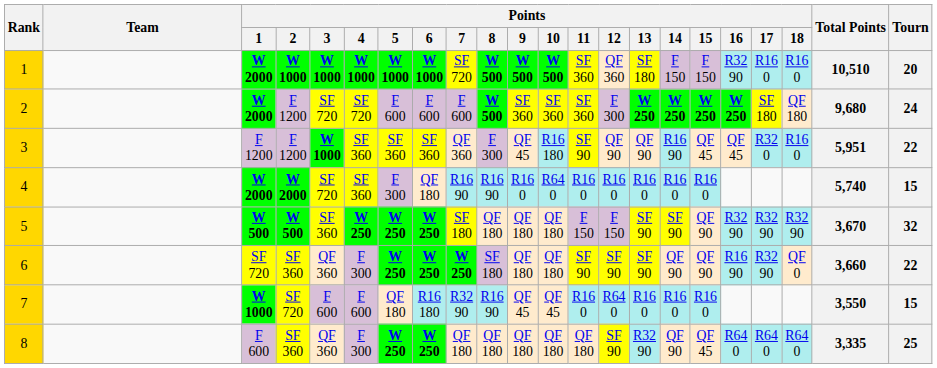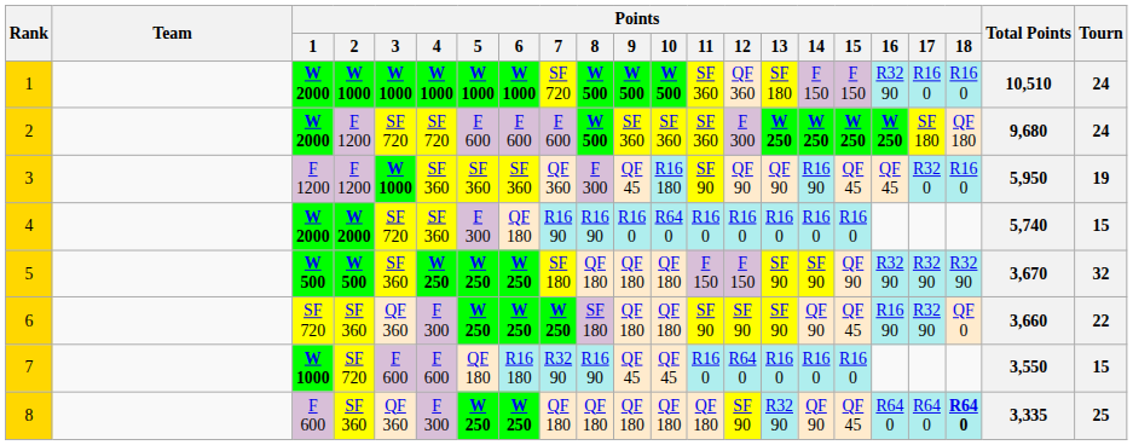 <table class=wikitable style=font-size:90%;text-align:center>
 <tr>
 <th rowspan="2" style="width:20px;">Rank</th>
 <th rowspan="2" style="width:200px;">Team</th>
 <th colspan="18" style="width:50px;">Points</th>
 <th rowspan=2>Total Points</th>
 <th rowspan=2>Tourn</th>
 </tr>
 <tr>
 <th width=25>1</th>
 <th width=25>2</th>
 <th width=25>3</th>
 <th width=25>4</th>
 <th width=25>5</th>
 <th width=25>6</th>
 <th width=25>7</th>
 <th width=25>8</th>
 <th width=25>9</th>
 <th width=25>10</th>
 <th width=25>11</th>
 <th width=25>12</th>
 <th width=25>13</th>
 <th width=25>14</th>
 <th width=25>15</th>
 <th width=25>16</th>
 <th width=25>17</th>
 <th width=25>18</th>
 </tr>
 <tr>
 <td bgcolor=gold>1</td>
 <td align=left><br></td>
 <td bgcolor=lime><strong><a href='#'>W</a><br>2000</strong></td>
 <td bgcolor=lime><strong><a href='#'>W</a><br>1000</strong></td>
 <td bgcolor=lime><strong><a href='#'>W</a><br>1000</strong></td>
 <td bgcolor=lime><strong><a href='#'>W</a><br>1000</strong></td>
 <td bgcolor=lime><strong><a href='#'>W</a><br>1000</strong></td>
 <td bgcolor=lime><strong><a href='#'>W</a><br>1000</strong></td>
 <td bgcolor=yellow><a href='#'>SF</a><br>720</td>
 <td bgcolor=lime><strong><a href='#'>W</a><br>500</strong></td>
 <td bgcolor=lime><strong><a href='#'>W</a><br>500</strong></td>
 <td bgcolor=lime><strong><a href='#'>W</a><br>500</strong></td>
 <td bgcolor=yellow><a href='#'>SF</a><br>360</td>
 <td bgcolor=#ffebcd><a href='#'>QF</a><br>360</td>
 <td bgcolor=yellow><a href='#'>SF</a><br>180</td>
 <td bgcolor=thistle><a href='#'>F</a><br>150</td>
 <td bgcolor=thistle><a href='#'>F</a><br>150</td>
 <td bgcolor=#afeeee><a href='#'>R32</a><br>90</td>
 <td bgcolor=#afeeee><a href='#'>R16</a><br>0</td>
 <td bgcolor=#afeeee><a href='#'>R16</a><br>0</td>
 <th>10,510</th>
-<th>20</th>
+<th>24</th>
 </tr>
 <tr>
 <td bgcolor=gold>2</td>
 <td align=left><br></td>
 <td bgcolor=lime><strong><a href='#'>W</a><br>2000</strong></td>
 <td bgcolor=thistle><a href='#'>F</a><br>1200</td>
 <td bgcolor=yellow><a href='#'>SF</a><br>720</td>
 <td bgcolor=yellow><a href='#'>SF</a><br>720</td>
 <td bgcolor=thistle><a href='#'>F</a><br>600</td>
 <td bgcolor=thistle><a href='#'>F</a><br>600</td>
 <td bgcolor=thistle><a href='#'>F</a><br>600</td>
 <td bgcolor=lime><strong><a href='#'>W</a><br>500</strong></td>
 <td bgcolor=yellow><a href='#'>SF</a><br>360</td>
 <td bgcolor=yellow><a href='#'>SF</a><br>360</td>
 <td bgcolor=yellow><a href='#'>SF</a><br>360</td>
 <td bgcolor=thistle><a href='#'>F</a><br>300</td>
 <td bgcolor=lime> <strong><a href='#'>W</a><br>250</strong></td>
 <td bgcolor=lime> <strong><a href='#'>W</a><br>250</strong></td>
 <td bgcolor=lime> <strong><a href='#'>W</a><br>250</strong></td>
 <td bgcolor=lime> <strong><a href='#'>W</a><br>250</strong></td>
 <td bgcolor=yellow><a href='#'>SF</a><br>180</td>
 <td bgcolor=#ffebcd><a href='#'>QF</a><br>180</td>
 <th>9,680</th>
 <th>24</th>
 </tr>
 <tr>
 <td bgcolor=gold>3</td>
 <td align=left><br></td>
 <td bgcolor=thistle><a href='#'>F</a><br>1200</td>
 <td bgcolor=thistle><a href='#'>F</a><br>1200</td>
 <td bgcolor=lime><strong><a href='#'>W</a><br>1000</strong></td>
 <td bgcolor=yellow><a href='#'>SF</a><br>360</td>
 <td bgcolor=yellow><a href='#'>SF</a><br>360</td>
 <td bgcolor=yellow><a href='#'>SF</a><br>360</td>
 <td bgcolor=#ffebcd><a href='#'>QF</a><br>360</td>
 <td bgcolor=thistle><a href='#'>F</a><br>300</td>
 <td bgcolor=#ffebcd><a href='#'>QF</a><br>45</td>
 <td bgcolor=#afeeee><a href='#'>R16</a><br>180</td>
 <td bgcolor=yellow><a href='#'>SF</a><br>90</td>
 <td bgcolor=#ffebcd><a href='#'>QF</a><br>90</td>
 <td bgcolor=#ffebcd><a href='#'>QF</a><br>90</td>
 <td bgcolor=#afeeee><a href='#'>R16</a><br>90</td>
 <td bgcolor=#ffebcd><a href='#'>QF</a><br>45</td>
 <td bgcolor=#ffebcd><a href='#'>QF</a><br>45</td>
 <td bgcolor=#afeeee><a href='#'>R32</a><br>0</td>
 <td bgcolor=#afeeee><a href='#'>R16</a><br>0</td>
-<th>5,951</th>
-<th>22</th>
+<th>5,950</th>
+<th>19</th>
 </tr>
 <tr>
 <td bgcolor=gold>4</td>
 <td align=left><br></td>
 <td bgcolor=lime><strong><a href='#'>W</a><br>2000</strong></td>
 <td bgcolor=lime><strong><a href='#'>W</a><br>2000</strong></td>
 <td bgcolor=yellow><a href='#'>SF</a><br>720</td>
 <td bgcolor=yellow><a href='#'>SF</a><br>360</td>
 <td bgcolor=thistle><a href='#'>F</a><br>300</td>
 <td bgcolor=#ffebcd><a href='#'>QF</a><br>180</td>
 <td bgcolor=#afeeee><a href='#'>R16</a><br>90</td>
 <td bgcolor=#afeeee><a href='#'>R16</a><br>90</td>
 <td bgcolor=#afeeee><a href='#'>R16</a><br>0</td>
 <td bgcolor=#afeeee><a href='#'>R64</a><br>0</td>
 <td bgcolor=#afeeee><a href='#'>R16</a><br>0</td>
 <td bgcolor=#afeeee><a href='#'>R16</a><br>0</td>
 <td bgcolor=#afeeee><a href='#'>R16</a><br>0</td>
 <td bgcolor=#afeeee><a href='#'>R16</a><br>0</td>
 <td bgcolor=#afeeee><a href='#'>R16</a><br>0</td>
 <td></td>
 <td></td>
 <td></td>
 <th>5,740</th>
 <th>15</th>
 </tr>
 <tr>
 <td bgcolor=gold>5</td>
 <td align=left><br></td>
 <td bgcolor=lime><strong><a href='#'>W</a><br>500</strong></td>
 <td bgcolor=lime><strong><a href='#'>W</a><br>500</strong></td>
 <td bgcolor=yellow><a href='#'>SF</a><br>360</td>
 <td bgcolor=lime><strong><a href='#'>W</a><br>250</strong></td>
 <td bgcolor=lime><strong><a href='#'>W</a><br>250</strong></td>
 <td bgcolor=lime><strong><a href='#'>W</a><br>250</strong></td>
 <td bgcolor=yellow><a href='#'>SF</a><br>180</td>
 <td bgcolor=#ffebcd><a href='#'>QF</a><br>180</td>
 <td bgcolor=#ffebcd><a href='#'>QF</a><br>180</td>
 <td bgcolor=#ffebcd><a href='#'>QF</a><br>180</td>
 <td bgcolor=thistle><a href='#'>F</a><br>150</td>
 <td bgcolor=thistle><a href='#'>F</a><br>150</td>
 <td bgcolor=yellow><a href='#'>SF</a><br>90</td>
 <td bgcolor=yellow><a href='#'>SF</a><br>90</td>
 <td bgcolor=#ffebcd><a href='#'>QF</a><br>90</td>
 <td bgcolor=#afeeee><a href='#'>R32</a><br>90</td>
 <td bgcolor=#afeeee><a href='#'>R32</a><br>90</td>
 <td bgcolor=#afeeee><a href='#'>R32</a><br>90</td>
 <th>3,670</th>
 <th>32</th>
 </tr>
 <tr>
 <td bgcolor=gold>6</td>
 <td align=left><br></td>
 <td bgcolor=yellow><a href='#'>SF</a><br>720</td>
 <td bgcolor=yellow><a href='#'>SF</a><br>360</td>
 <td bgcolor=#ffebcd><a href='#'>QF</a><br>360</td>
 <td bgcolor=thistle><a href='#'>F</a><br>300</td>
 <td bgcolor=lime><strong><a href='#'>W</a><br>250</strong></td>
 <td bgcolor=lime><strong><a href='#'>W</a><br>250</strong></td>
 <td bgcolor=lime><strong><a href='#'>W</a><br>250</strong></td>
 <td bgcolor=thistle><a href='#'>SF</a><br>180</td>
 <td bgcolor=#ffebcd><a href='#'>QF</a><br>180</td>
 <td bgcolor=#ffebcd><a href='#'>QF</a><br>180</td>
 <td bgcolor=yellow><a href='#'>SF</a><br>90</td>
 <td bgcolor=yellow><a href='#'>SF</a><br>90</td>
 <td bgcolor=yellow><a href='#'>SF</a><br>90</td>
 <td bgcolor=#ffebcd><a href='#'>QF</a><br>90</td>
-<td bgcolor=#ffebcd><a href='#'>QF</a><br>90</td>
+<td bgcolor=#ffebcd><a href='#'>QF</a><br>45</td>
 <td bgcolor=#afeeee><a href='#'>R16</a><br>90</td>
 <td bgcolor=#afeeee><a href='#'>R32</a><br>90</td>
 <td bgcolor=#ffebcd><a href='#'>QF</a><br>0</td>
 <th>3,660</th>
 <th>22</th>
 </tr>
 <tr>
 <td bgcolor=gold>7</td>
 <td align=left><br></td>
 <td bgcolor=lime><strong><a href='#'>W</a><br>1000</strong></td>
 <td bgcolor=yellow><a href='#'>SF</a><br>720</td>
 <td bgcolor=thistle><a href='#'>F</a><br>600</td>
 <td bgcolor=thistle><a href='#'>F</a><br>600</td>
 <td bgcolor=#ffebcd><a href='#'>QF</a><br>180</td>
 <td bgcolor=#afeeee><a href='#'>R16</a><br>180</td>
 <td bgcolor=#afeeee><a href='#'>R32</a><br>90</td>
 <td bgcolor=#afeeee><a href='#'>R16</a><br>90</td>
 <td bgcolor=#ffebcd><a href='#'>QF</a><br>45</td>
 <td bgcolor=#ffebcd><a href='#'>QF</a><br>45</td>
 <td bgcolor=#afeeee><a href='#'>R16</a><br>0</td>
 <td bgcolor=#afeeee><a href='#'>R64</a><br>0</td>
 <td bgcolor=#afeeee><a href='#'>R16</a><br>0</td>
 <td bgcolor=#afeeee><a href='#'>R16</a><br>0</td>
 <td bgcolor=#afeeee><a href='#'>R16</a><br>0</td>
 <td></td>
 <td></td>
 <td></td>
 <th>3,550</th>
 <th>15</th>
 </tr>
 <tr>
 <td bgcolor=gold>8</td>
 <td align=left><br></td>
 <td bgcolor=thistle><a href='#'>F</a><br>600</td>
 <td bgcolor=yellow><a href='#'>SF</a><br>360</td>
 <td bgcolor=#ffebcd><a href='#'>QF</a><br>360</td>
 <td bgcolor=thistle><a href='#'>F</a><br>300</td>
 <td bgcolor=lime><strong><a href='#'>W</a><br>250</strong></td>
 <td bgcolor=lime><strong><a href='#'>W</a><br>250</strong></td>
 <td bgcolor=#ffebcd><a href='#'>QF</a><br>180</td>
 <td bgcolor=#ffebcd><a href='#'>QF</a><br>180</td>
 <td bgcolor=#ffebcd><a href='#'>QF</a><br>180</td>
 <td bgcolor=#ffebcd><a href='#'>QF</a><br>180</td>
 <td bgcolor=#ffebcd><a href='#'>QF</a><br>180</td>
 <td bgcolor=yellow><a href='#'>SF</a><br>90</td>
 <td bgcolor=#afeeee><a href='#'>R32</a><br>90</td>
 <td bgcolor=#ffebcd><a href='#'>QF</a><br>90</td>
 <td bgcolor=#ffebcd><a href='#'>QF</a><br>45</td>
 <td bgcolor=#afeeee><a href='#'>R64</a><br>0</td>
 <td bgcolor=#afeeee><a href='#'>R64</a><br>0</td>
-<td bgcolor=#afeeee><a href='#'>R64</a><br>0</td>
+<td bgcolor=#afeeee><strong><a href='#'>R64</a><br>0</strong></td>
 <th>3,335</th>
 <th>25</th>
 </tr>
 </table>
